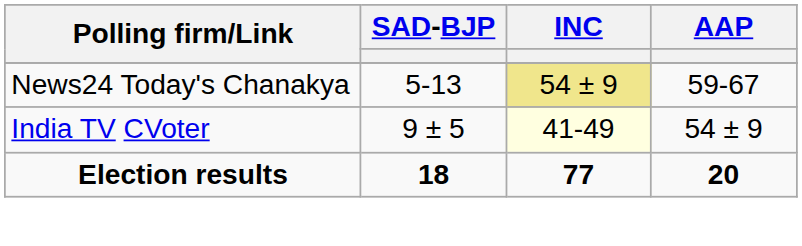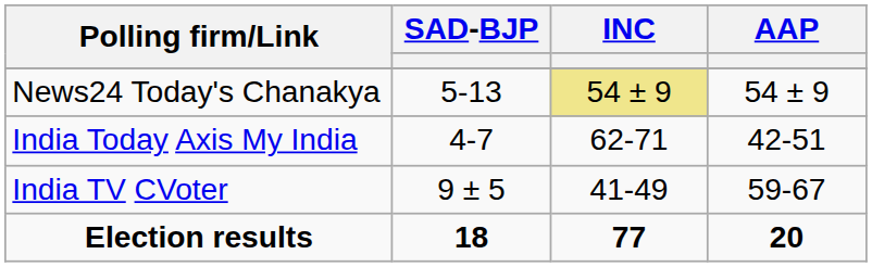 <table class="wikitable collapsible" style="text-align:center;">
 <tr style="background-color:#E9E9E9">
 <th style="width:195px;" rowspan="2">Polling firm/Link</th>
 <th style="width:75px;"><a href='#'>SAD</a>-<a href='#'>BJP</a></th>
 <th style="width:75px;"><a href='#'>INC</a></th>
 <th style="width:75px;"><a href='#'>AAP</a></th>
 </tr>
 <tr>
 <th style="background:"></th>
 <th style="background:"></th>
 <th style="background:"></th>
 </tr>
 <tr>
 </tr>
 <tr>
 <td style="text-align:left;">News24 Today's Chanakya</td>
 <td>5-13</td>
 <td style="background: khaki;">54 ± 9</td>
-<td>59-67</td>
+<td>54 ± 9</td>
+</tr>
+<tr>
+<td style="text-align:left;"><a href='#'>India Today</a> <a href='#'>Axis My India</a></td>
+<td>4-7</td>
+<td>62-71</td>
+<td>42-51</td>
 </tr>
 <tr>
 <td style="text-align:left;"><a href='#'>India TV</a> <a href='#'>CVoter</a></td>
 <td>9 ± 5</td>
-<td style="background: lightyellow;">41-49</td>
-<td>54 ± 9</td>
+<td>41-49</td>
+<td>59-67</td>
 </tr>
 <tr>
 <td style="background:"><strong>Election results</strong></td>
 <td style="background:"><strong>18</strong></td>
 <td style="background:"><strong>77</strong></td>
 <td style="background:"><strong>20</strong></td>
 </tr>
 </table>
